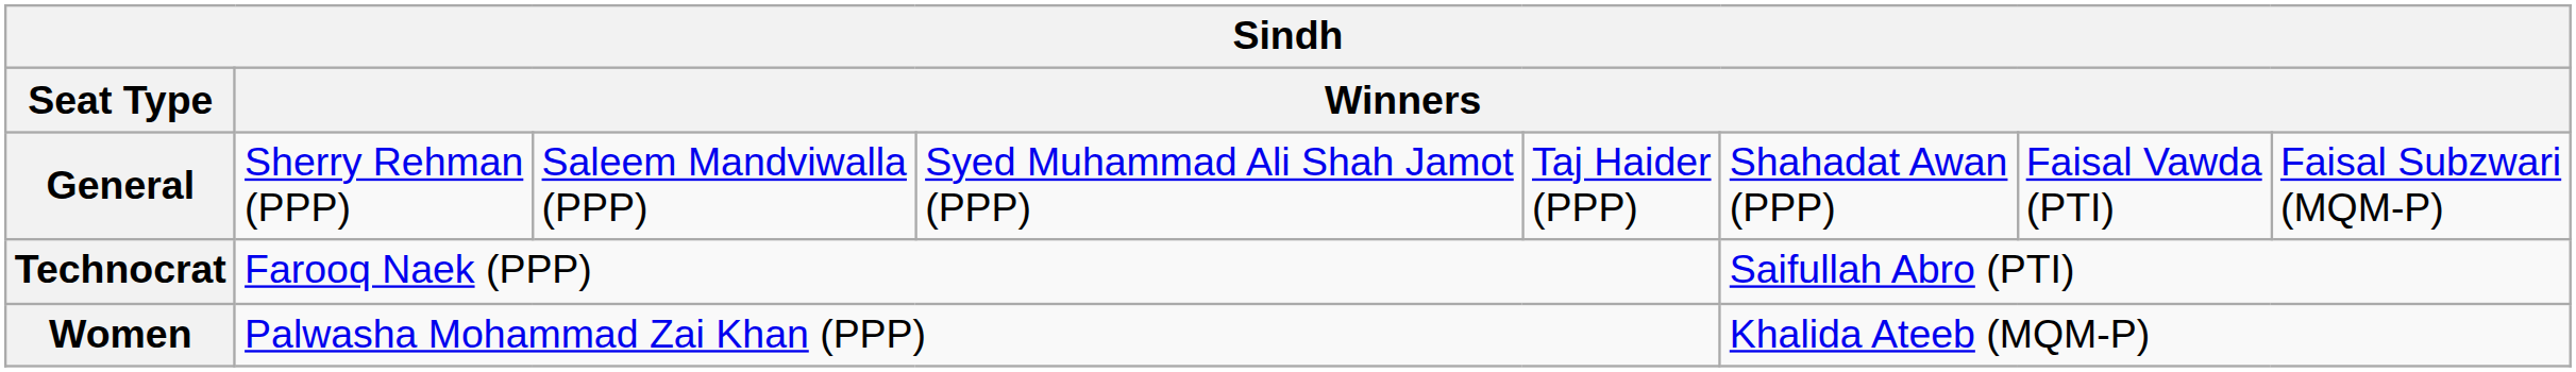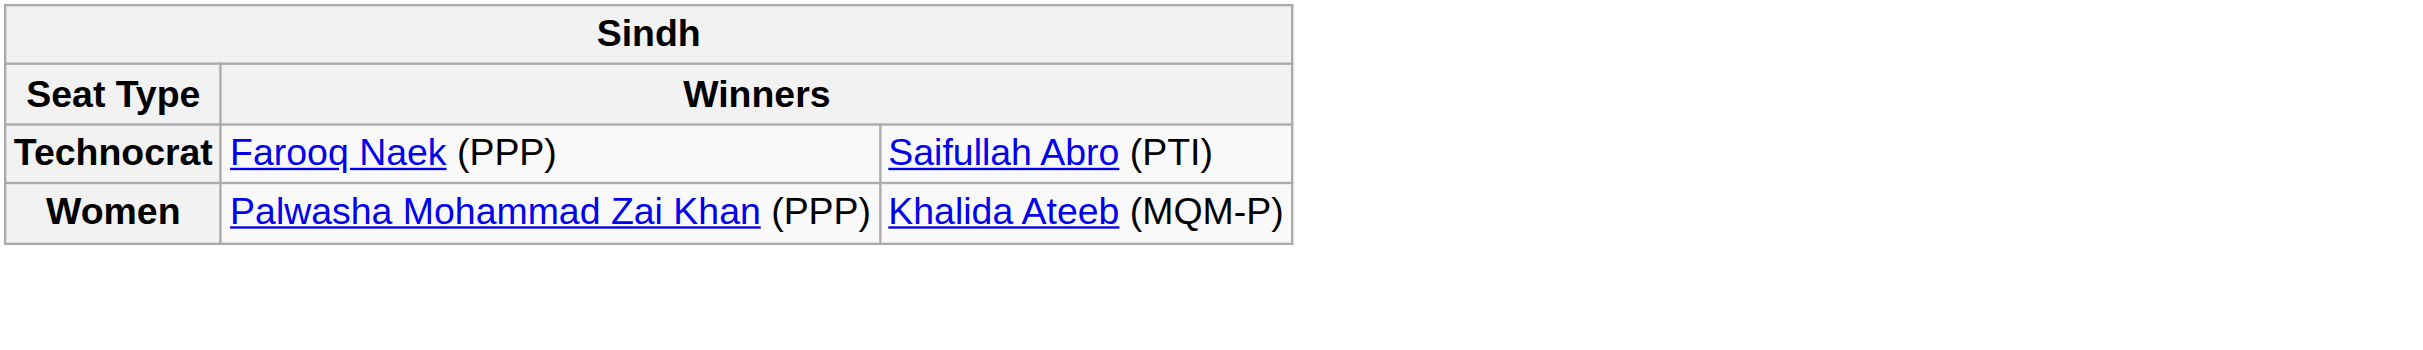 <table class="wikitable">
 <tr>
 <th colspan="8">Sindh</th>
 </tr>
 <tr>
 <th>Seat Type</th>
 <th colspan="7">Winners</th>
-</tr>
-<tr>
-<th>General</th>
-<td style="background:"><a href='#'>Sherry Rehman</a><br>(PPP)</td>
-<td style="background:"><a href='#'>Saleem Mandviwalla</a><br>(PPP)</td>
-<td style="background:"><a href='#'>Syed Muhammad Ali Shah Jamot</a><br>(PPP)</td>
-<td style="background:"><a href='#'>Taj Haider</a><br>(PPP)</td>
-<td style="background:"><a href='#'>Shahadat Awan</a><br>(PPP)</td>
-<td style="background:"><a href='#'>Faisal Vawda</a><br>(PTI)</td>
-<td style="background:"><a href='#'>Faisal Subzwari</a><br>(MQM-P)</td>
 </tr>
 <tr>
 <th>Technocrat</th>
 <td colspan="4" style="background:"><a href='#'>Farooq Naek</a> (PPP)</td>
 <td colspan="3" style="background:"><a href='#'>Saifullah Abro</a> (PTI)</td>
 </tr>
 <tr>
 <th>Women</th>
 <td colspan="4" style="background:"><a href='#'>Palwasha Mohammad Zai Khan</a> (PPP)</td>
 <td colspan="3" style="background:"><a href='#'>Khalida Ateeb</a> (MQM-P)</td>
 </tr>
 </table>
